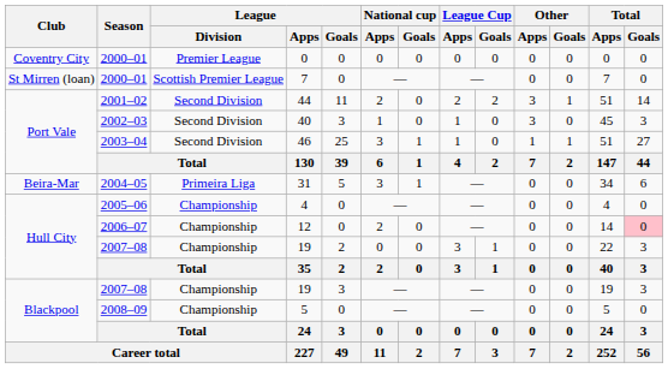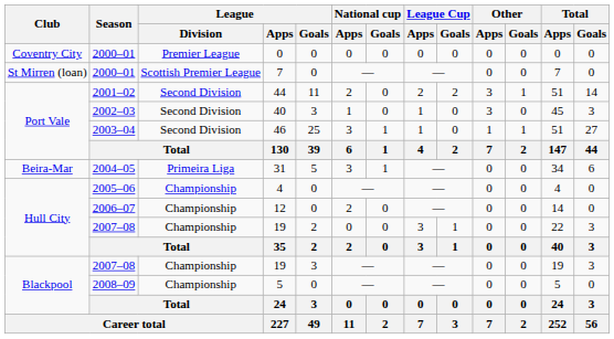 <table class="wikitable" style="text-align:center">
 <tr>
 <th rowspan="2">Club</th>
 <th rowspan="2">Season</th>
 <th colspan="3">League</th>
 <th colspan="2">National cup</th>
 <th colspan="2"><a href='#'>League Cup</a></th>
 <th colspan="2">Other</th>
 <th colspan="2">Total</th>
 </tr>
 <tr>
 <th>Division</th>
 <th>Apps</th>
 <th>Goals</th>
 <th>Apps</th>
 <th>Goals</th>
 <th>Apps</th>
 <th>Goals</th>
 <th>Apps</th>
 <th>Goals</th>
 <th>Apps</th>
 <th>Goals</th>
 </tr>
 <tr>
 <td><a href='#'>Coventry City</a></td>
 <td><a href='#'>2000–01</a></td>
 <td><a href='#'>Premier League</a></td>
 <td>0</td>
 <td>0</td>
 <td>0</td>
 <td>0</td>
 <td>0</td>
 <td>0</td>
 <td>0</td>
 <td>0</td>
 <td>0</td>
 <td>0</td>
 </tr>
 <tr>
 <td><a href='#'>St Mirren</a> (loan)</td>
 <td><a href='#'>2000–01</a></td>
 <td><a href='#'>Scottish Premier League</a></td>
 <td>7</td>
 <td>0</td>
 <td colspan="2">—</td>
 <td colspan="2">—</td>
 <td>0</td>
 <td>0</td>
 <td>7</td>
 <td>0</td>
 </tr>
 <tr>
 <td rowspan="4"><a href='#'>Port Vale</a></td>
 <td><a href='#'>2001–02</a></td>
 <td><a href='#'>Second Division</a></td>
 <td>44</td>
 <td>11</td>
 <td>2</td>
 <td>0</td>
 <td>2</td>
 <td>2</td>
 <td>3</td>
 <td>1</td>
 <td>51</td>
 <td>14</td>
 </tr>
 <tr>
 <td><a href='#'>2002–03</a></td>
 <td>Second Division</td>
 <td>40</td>
 <td>3</td>
 <td>1</td>
 <td>0</td>
 <td>1</td>
 <td>0</td>
 <td>3</td>
 <td>0</td>
 <td>45</td>
 <td>3</td>
 </tr>
 <tr>
 <td><a href='#'>2003–04</a></td>
 <td>Second Division</td>
 <td>46</td>
 <td>25</td>
 <td>3</td>
 <td>1</td>
 <td>1</td>
 <td>0</td>
 <td>1</td>
 <td>1</td>
 <td>51</td>
 <td>27</td>
 </tr>
 <tr>
 <th colspan="2">Total</th>
 <th>130</th>
 <th>39</th>
 <th>6</th>
 <th>1</th>
 <th>4</th>
 <th>2</th>
 <th>7</th>
 <th>2</th>
 <th>147</th>
 <th>44</th>
 </tr>
 <tr>
 <td><a href='#'>Beira-Mar</a></td>
 <td><a href='#'>2004–05</a></td>
 <td><a href='#'>Primeira Liga</a></td>
 <td>31</td>
 <td>5</td>
 <td>3</td>
 <td>1</td>
 <td colspan="2">—</td>
 <td>0</td>
 <td>0</td>
 <td>34</td>
 <td>6</td>
 </tr>
 <tr>
 <td rowspan="4"><a href='#'>Hull City</a></td>
 <td><a href='#'>2005–06</a></td>
 <td><a href='#'>Championship</a></td>
 <td>4</td>
 <td>0</td>
 <td colspan="2">—</td>
 <td colspan="2">—</td>
 <td>0</td>
 <td>0</td>
 <td>4</td>
 <td>0</td>
 </tr>
 <tr>
 <td><a href='#'>2006–07</a></td>
 <td>Championship</td>
 <td>12</td>
 <td>0</td>
 <td>2</td>
 <td>0</td>
 <td colspan="2">—</td>
 <td>0</td>
 <td>0</td>
 <td>14</td>
-<td style="background: pink;">0</td>
+<td>0</td>
 </tr>
 <tr>
 <td><a href='#'>2007–08</a></td>
 <td>Championship</td>
 <td>19</td>
 <td>2</td>
 <td>0</td>
 <td>0</td>
 <td>3</td>
 <td>1</td>
 <td>0</td>
 <td>0</td>
 <td>22</td>
 <td>3</td>
 </tr>
 <tr>
 <th colspan="2">Total</th>
 <th>35</th>
 <th>2</th>
 <th>2</th>
 <th>0</th>
 <th>3</th>
 <th>1</th>
 <th>0</th>
 <th>0</th>
 <th>40</th>
 <th>3</th>
 </tr>
 <tr>
 <td rowspan="3"><a href='#'>Blackpool</a></td>
 <td><a href='#'>2007–08</a></td>
 <td>Championship</td>
 <td>19</td>
 <td>3</td>
 <td colspan="2">—</td>
 <td colspan="2">—</td>
 <td>0</td>
 <td>0</td>
 <td>19</td>
 <td>3</td>
 </tr>
 <tr>
 <td><a href='#'>2008–09</a></td>
 <td>Championship</td>
 <td>5</td>
 <td>0</td>
 <td colspan="2">—</td>
 <td colspan="2">—</td>
 <td>0</td>
 <td>0</td>
 <td>5</td>
 <td>0</td>
 </tr>
 <tr>
 <th colspan="2">Total</th>
 <th>24</th>
 <th>3</th>
 <th>0</th>
 <th>0</th>
 <th>0</th>
 <th>0</th>
 <th>0</th>
 <th>0</th>
 <th>24</th>
 <th>3</th>
 </tr>
 <tr>
 <th colspan="3">Career total</th>
 <th>227</th>
 <th>49</th>
 <th>11</th>
 <th>2</th>
 <th>7</th>
 <th>3</th>
 <th>7</th>
 <th>2</th>
 <th>252</th>
 <th>56</th>
 </tr>
 </table>
